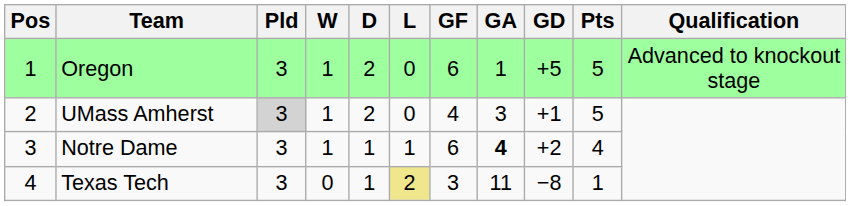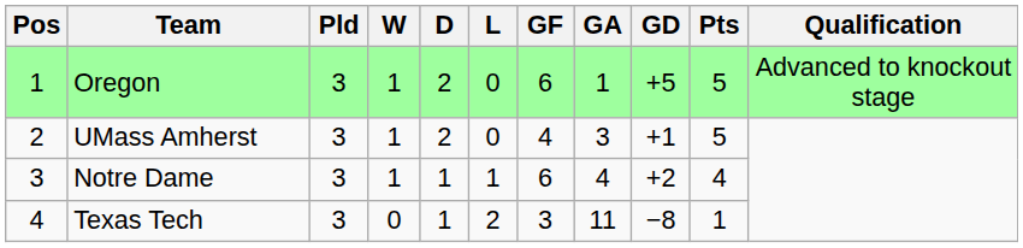 <table class="wikitable" style="text-align:center; margin: 1em auto">
 <tr>
 <th style=width:2em>Pos</th>
 <th style=width:13em>Team</th>
 <th style=width:2em>Pld</th>
 <th style=width:2em>W</th>
 <th style=width:2em>D</th>
 <th style=width:2em>L</th>
 <th style=width:2em>GF</th>
 <th style=width:2em>GA</th>
 <th style=width:2em>GD</th>
 <th style=width:2em>Pts</th>
 <th style=width:13em>Qualification</th>
 </tr>
 <tr bgcolor="#9eff9e">
 <td>1</td>
 <td style="text-align:left">Oregon</td>
 <td>3</td>
 <td>1</td>
 <td>2</td>
 <td>0</td>
 <td>6</td>
 <td>1</td>
 <td>+5</td>
 <td>5</td>
 <td>Advanced to knockout stage</td>
 </tr>
 <tr>
 <td>2</td>
 <td style="text-align:left">UMass Amherst</td>
-<td style="background: lightgrey;">3</td>
+<td>3</td>
 <td>1</td>
 <td>2</td>
 <td>0</td>
 <td>4</td>
 <td>3</td>
 <td>+1</td>
 <td>5</td>
 </tr>
 <tr>
 <td>3</td>
 <td style="text-align:left">Notre Dame</td>
 <td>3</td>
 <td>1</td>
 <td>1</td>
 <td>1</td>
 <td>6</td>
-<td><strong>4</strong></td>
+<td>4</td>
 <td>+2</td>
 <td>4</td>
 </tr>
 <tr>
 <td>4</td>
 <td style="text-align:left">Texas Tech</td>
 <td>3</td>
 <td>0</td>
 <td>1</td>
-<td style="background: khaki;">2</td>
+<td>2</td>
 <td>3</td>
 <td>11</td>
 <td>−8</td>
 <td>1</td>
 </tr>
 </table>
